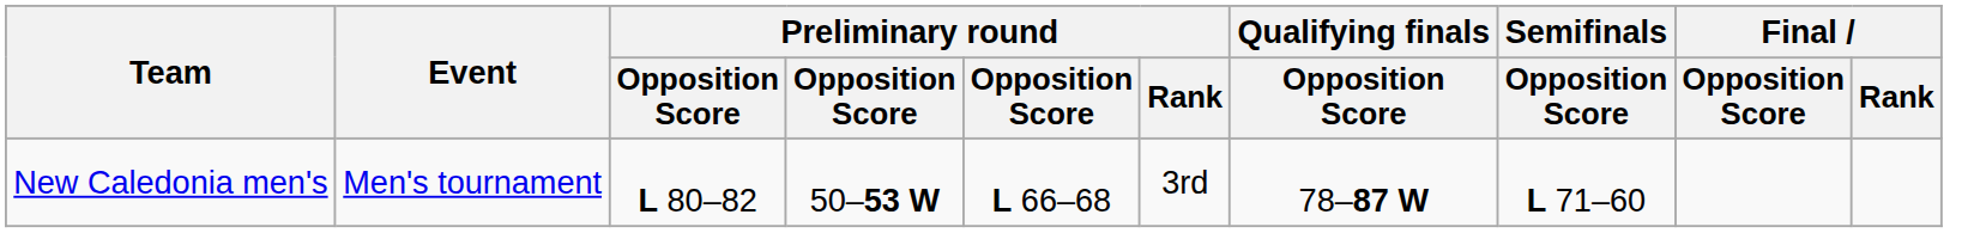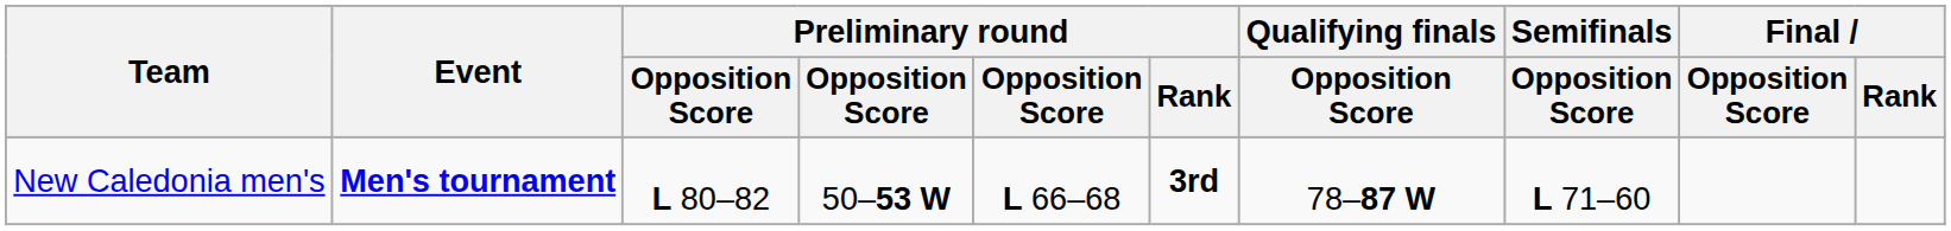 <table class=wikitable style=font-size:90%;text-align:center>
 <tr>
 <th rowspan=2>Team</th>
 <th rowspan=2>Event</th>
 <th colspan=4>Preliminary round</th>
 <th>Qualifying finals</th>
 <th>Semifinals</th>
 <th colspan=2>Final / </th>
 </tr>
 <tr style=font-size:95%>
 <th>Opposition<br>Score</th>
 <th>Opposition<br>Score</th>
 <th>Opposition<br>Score</th>
 <th>Rank</th>
 <th>Opposition<br>Score</th>
 <th>Opposition<br>Score</th>
 <th>Opposition<br>Score</th>
 <th>Rank</th>
 </tr>
 <tr>
 <td align=left><a href='#'>New Caledonia men's</a></td>
-<td align=left><a href='#'>Men's tournament</a></td>
+<td align=left><strong><a href='#'>Men's tournament</a></strong></td>
 <td><br> <strong>L</strong> 80–82</td>
 <td><br> 50–<strong>53</strong> <strong>W</strong></td>
 <td><br> <strong>L</strong> 66–68</td>
-<td>3rd</td>
+<td><strong>3rd</strong></td>
 <td><br>  78–<strong>87</strong> <strong>W</strong></td>
 <td><br> <strong>L</strong> 71–60</td>
 <td></td>
 <td></td>
 </tr>
 </table>
